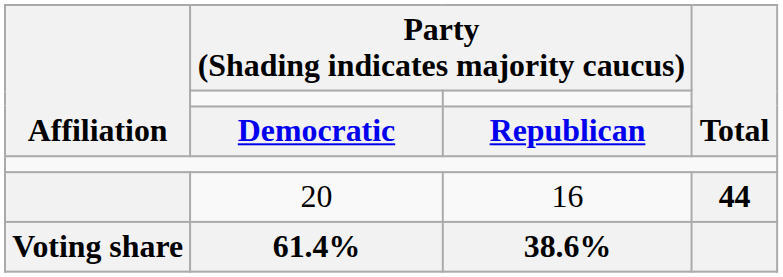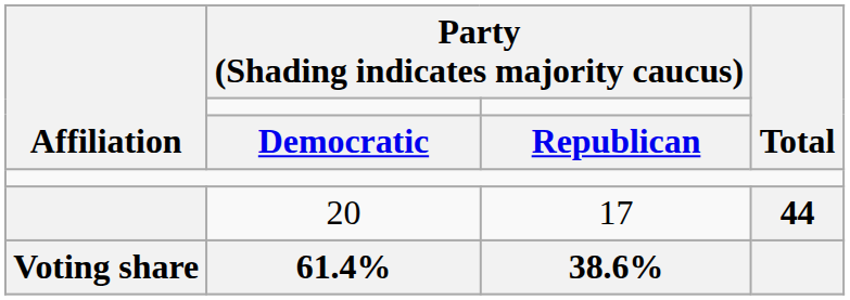 <table class=wikitable style="text-align:center">
 <tr style="vertical-align:bottom;">
 <th rowspan=3>Affiliation</th>
 <th colspan=2>Party <div>(Shading indicates majority caucus)</div></th>
 <th rowspan=3>Total</th>
 </tr>
 <tr style="height:5px">
 <td style="background-color:"></td>
 <td style="background-color:"></td>
 </tr>
 <tr>
 <th><a href='#'>Democratic</a></th>
 <th><a href='#'>Republican</a></th>
 </tr>
 <tr>
 <td colspan=5></td>
 </tr>
 <tr>
 <th nowrap style="font-size:80%"></th>
 <td>20</td>
-<td>16</td>
+<td>17</td>
 <th>44</th>
 </tr>
 <tr>
 <th>Voting share</th>
 <th>61.4%</th>
 <th>38.6% </th>
 <th colspan=2></th>
 </tr>
 </table>
